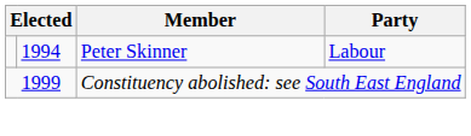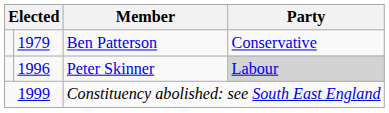 <table class="wikitable">
 <tr>
 <th colspan = "2">Elected</th>
 <th>Member</th>
 <th>Party</th>
 </tr>
 <tr>
 <td style="background-color: "></td>
-<td><a href='#'>1994</a></td>
+<td><a href='#'>1979</a></td>
+<td><a href='#'>Ben Patterson</a></td>
+<td><a href='#'>Conservative</a></td>
+</tr>
+<tr>
+<td style="background-color: "></td>
+<td><a href='#'>1996</a></td>
 <td><a href='#'>Peter Skinner</a></td>
-<td><a href='#'>Labour</a></td>
+<td style="background: lightgrey;"><a href='#'>Labour</a></td>
 </tr>
 <tr>
 <td colspan="2" align="center"><a href='#'>1999</a></td>
 <td colspan="2"><em>Constituency abolished: see <a href='#'>South East England</a></em></td>
 </tr>
 </table>
